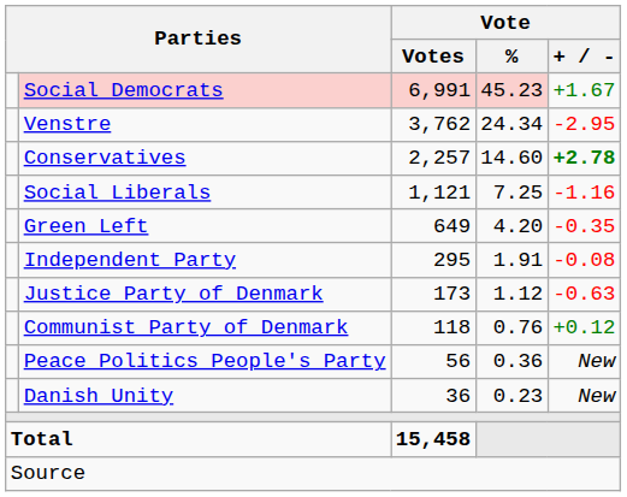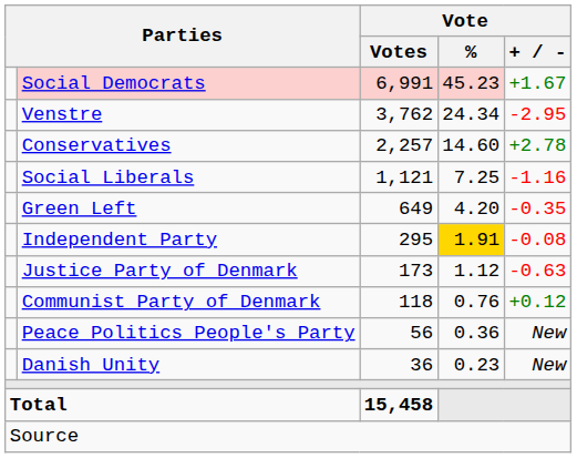 <table class="wikitable" style="text-align:right;">
 <tr>
 <th style="text-align:centre;" rowspan="2" colspan="2" width="225">Parties</th>
 <th colspan="3">Vote</th>
 </tr>
 <tr>
 <th width="15">Votes</th>
 <th width="15">%</th>
 <th width="15">+ / -</th>
 </tr>
 <tr>
 <td width="2" style="color:inherit;background:"></td>
 <td bgcolor=#fbd0ce  align="left"><a href='#'>Social Democrats</a></td>
 <td bgcolor=#fbd0ce>6,991</td>
 <td bgcolor=#fbd0ce>45.23</td>
 <td style=color:green;>+1.67</td>
 </tr>
 <tr>
 <td width="2" style="color:inherit;background:"></td>
 <td align="left"><a href='#'>Venstre</a></td>
 <td>3,762</td>
 <td>24.34</td>
 <td style=color:red;>-2.95</td>
 </tr>
 <tr>
 <td width="2" style="color:inherit;background:"></td>
 <td align="left"><a href='#'>Conservatives</a></td>
 <td>2,257</td>
 <td>14.60</td>
-<td style=color:green;><strong>+2.78</strong></td>
+<td style=color:green;>+2.78</td>
 </tr>
 <tr>
 <td width="2" style="color:inherit;background:"></td>
 <td align="left"><a href='#'>Social Liberals</a></td>
 <td>1,121</td>
 <td>7.25</td>
 <td style=color:red;>-1.16</td>
 </tr>
 <tr>
 <td width="2" style="color:inherit;background:"></td>
 <td align="left"><a href='#'>Green Left</a></td>
 <td>649</td>
 <td>4.20</td>
 <td style=color:red;>-0.35</td>
 </tr>
 <tr>
 <td width="2" style="color:inherit;background:"></td>
 <td align="left"><a href='#'>Independent Party</a></td>
 <td>295</td>
-<td>1.91</td>
+<td style="background: gold;">1.91</td>
 <td style=color:red;>-0.08</td>
 </tr>
 <tr>
 <td width="2" style="color:inherit;background:"></td>
 <td align="left"><a href='#'>Justice Party of Denmark</a></td>
 <td>173</td>
 <td>1.12</td>
 <td style=color:red;>-0.63</td>
 </tr>
 <tr>
 <td width="2" style="color:inherit;background:"></td>
 <td align="left"><a href='#'>Communist Party of Denmark</a></td>
 <td>118</td>
 <td>0.76</td>
 <td style=color:green;>+0.12</td>
 </tr>
 <tr>
 <td width="2" style="color:inherit;background:"></td>
 <td align="left"><a href='#'>Peace Politics People's Party</a></td>
 <td>56</td>
 <td>0.36</td>
 <td><em>New</em></td>
 </tr>
 <tr>
 <td width="2" style="color:inherit;background:"></td>
 <td align="left"><a href='#'>Danish Unity</a></td>
 <td>36</td>
 <td>0.23</td>
 <td><em>New</em></td>
 </tr>
 <tr>
 <td colspan="7" bgcolor="#E9E9E9"></td>
 </tr>
 <tr>
 <td align="left" colspan="2"><strong>Total</strong></td>
 <td><strong>15,458</strong></td>
 <td bgcolor="#E9E9E9" colspan="2"></td>
 </tr>
 <tr>
 <td align="left" colspan="6">Source</td>
 </tr>
 </table>
